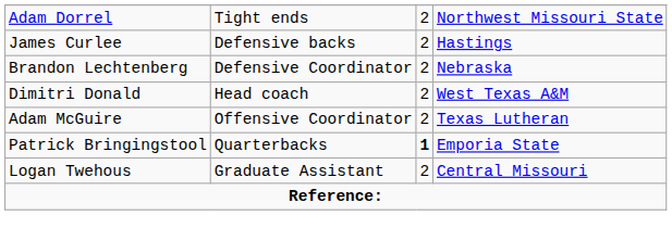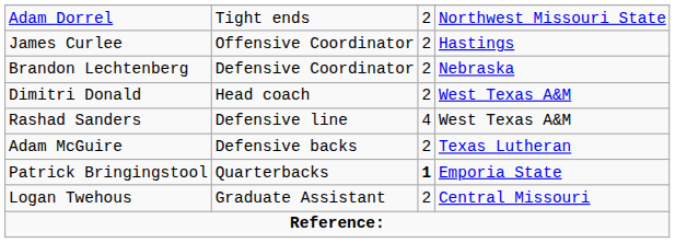 <table class="wikitable" style="font-size:100%;">
 <tr>
 </tr>
 <tr>
 <td><a href='#'>Adam Dorrel</a></td>
 <td>Tight ends</td>
 <td align=center>2</td>
 <td><a href='#'>Northwest Missouri State</a></td>
 </tr>
 <tr>
 <td>James Curlee</td>
-<td>Defensive backs</td>
+<td>Offensive Coordinator</td>
 <td align=center>2</td>
 <td><a href='#'>Hastings</a></td>
 </tr>
 <tr>
 <td>Brandon Lechtenberg</td>
 <td>Defensive Coordinator</td>
 <td align=center>2</td>
 <td><a href='#'>Nebraska</a></td>
 </tr>
 <tr>
 <td>Dimitri Donald</td>
 <td>Head coach</td>
 <td align=center>2</td>
 <td><a href='#'>West Texas A&M</a></td>
 </tr>
 <tr>
+<td>Rashad Sanders</td>
+<td>Defensive line</td>
+<td align=center>4</td>
+<td>West Texas A&M</td>
+</tr>
+<tr>
 <td>Adam McGuire</td>
-<td>Offensive Coordinator</td>
+<td>Defensive backs</td>
 <td align=center>2</td>
 <td><a href='#'>Texas Lutheran</a></td>
 </tr>
 <tr>
 <td>Patrick Bringingstool</td>
 <td>Quarterbacks</td>
 <td align=center><strong>1</strong></td>
 <td><a href='#'>Emporia State</a></td>
 </tr>
 <tr>
 <td>Logan Twehous</td>
 <td>Graduate Assistant</td>
 <td align=center>2</td>
 <td><a href='#'>Central Missouri</a></td>
 </tr>
 <tr align="center">
 <td colspan=4><strong>Reference:</strong></td>
 </tr>
 </table>
